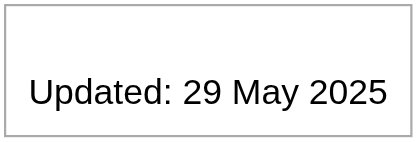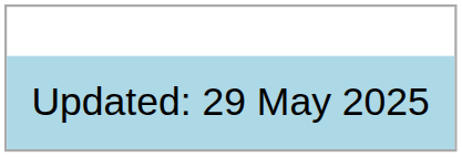 <table style="border:solid 1px #aaa;" cellpadding="10" cellspacing="0">
 <tr>
 <td></td>
 </tr>
 <tr>
-<td>Updated: 29 May 2025 </td>
+<td style="background: lightblue;">Updated: 29 May 2025 </td>
 </tr>
 </table>
